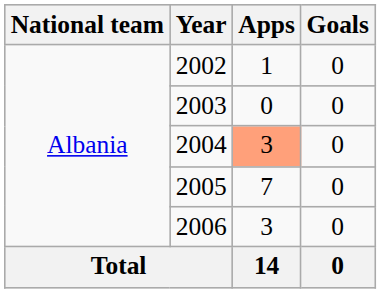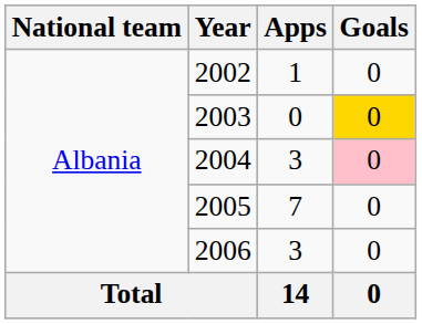 <table class="wikitable" style="text-align:center">
 <tr>
 <th>National team</th>
 <th>Year</th>
 <th>Apps</th>
 <th>Goals</th>
 </tr>
 <tr>
 <td rowspan="5"><a href='#'>Albania</a></td>
 <td>2002</td>
 <td>1</td>
 <td>0</td>
 </tr>
 <tr>
 <td>2003</td>
 <td>0</td>
-<td>0</td>
+<td style="background: gold;">0</td>
 </tr>
 <tr>
 <td>2004</td>
-<td style="background: lightsalmon;">3</td>
-<td>0</td>
+<td>3</td>
+<td style="background: pink;">0</td>
 </tr>
 <tr>
 <td>2005</td>
 <td>7</td>
 <td>0</td>
 </tr>
 <tr>
 <td>2006</td>
 <td>3</td>
 <td>0</td>
 </tr>
 <tr>
 <th colspan="2">Total</th>
 <th>14</th>
 <th>0</th>
 </tr>
 </table>
